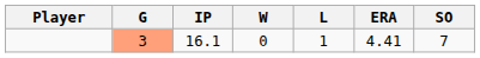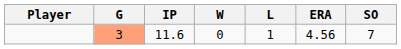 <table class="wikitable sortable">
 <tr>
 <th bgcolor="#DDDDFF" width="16%">Player</th>
 <th bgcolor="#DDDDFF" width="9%">G</th>
 <th bgcolor="#DDDDFF" width="9%">IP</th>
 <th bgcolor="#DDDDFF" width="9%">W</th>
 <th bgcolor="#DDDDFF" width="9%">L</th>
 <th bgcolor="#DDDDFF" width="9%">ERA</th>
 <th bgcolor="#DDDDFF" width="9%">SO</th>
 </tr>
 <tr align="center">
 <td></td>
 <td style="background: lightsalmon;">3</td>
-<td>16.1</td>
+<td>11.6</td>
 <td>0</td>
 <td>1</td>
-<td>4.41</td>
+<td>4.56</td>
 <td>7</td>
 </tr>
 </table>
